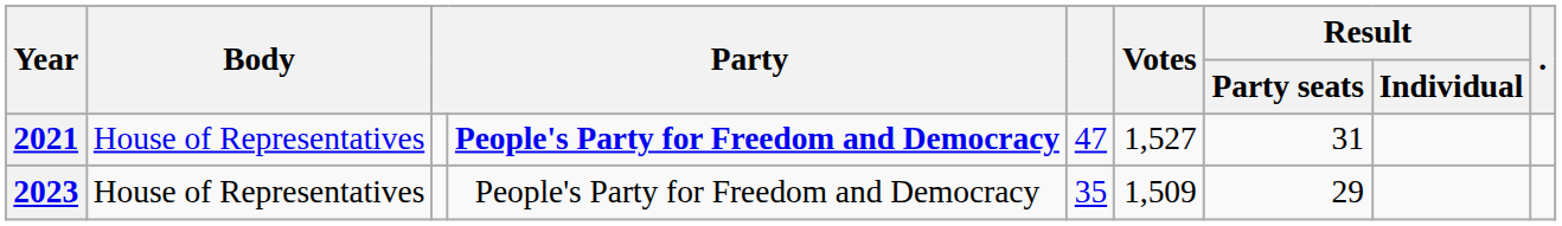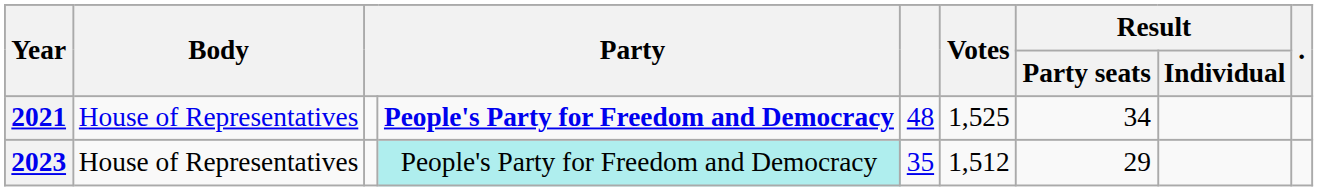 <table class="wikitable plainrowheaders sortable" border=2 cellpadding=4 cellspacing=0 style="border: 1px #aaa solid; font-size: 90%; text-align:center;">
 <tr>
 <th scope="col" rowspan=2>Year</th>
 <th scope="col" rowspan=2>Body</th>
 <th scope="col" colspan=2 rowspan=2>Party</th>
 <th scope="col" rowspan=2></th>
 <th scope="col" rowspan=2>Votes</th>
 <th scope="colgroup" colspan=2>Result</th>
 <th scope="col" rowspan=2 class="unsortable">.</th>
 </tr>
 <tr>
 <th scope="col">Party seats</th>
 <th scope="col">Individual</th>
 </tr>
 <tr>
 <th scope="row"><a href='#'>2021</a></th>
 <td><a href='#'>House of Representatives</a></td>
 <td style="background-color:"></td>
 <td><strong><a href='#'>People's Party for Freedom and Democracy</a></strong></td>
-<td style=text-align:right><a href='#'>47</a></td>
-<td style=text-align:right>1,527</td>
-<td style=text-align:right>31</td>
+<td style=text-align:right><a href='#'>48</a></td>
+<td style=text-align:right>1,525</td>
+<td style=text-align:right>34</td>
 <td></td>
 <td></td>
 </tr>
 <tr>
 <th scope="row"><a href='#'>2023</a></th>
 <td>House of Representatives</td>
 <td style="background-color:"></td>
-<td>People's Party for Freedom and Democracy</td>
+<td style="background: paleturquoise;">People's Party for Freedom and Democracy</td>
 <td style=text-align:right><a href='#'>35</a></td>
-<td style=text-align:right>1,509</td>
+<td style=text-align:right>1,512</td>
 <td style=text-align:right>29</td>
 <td></td>
 <td></td>
 </tr>
 </table>
